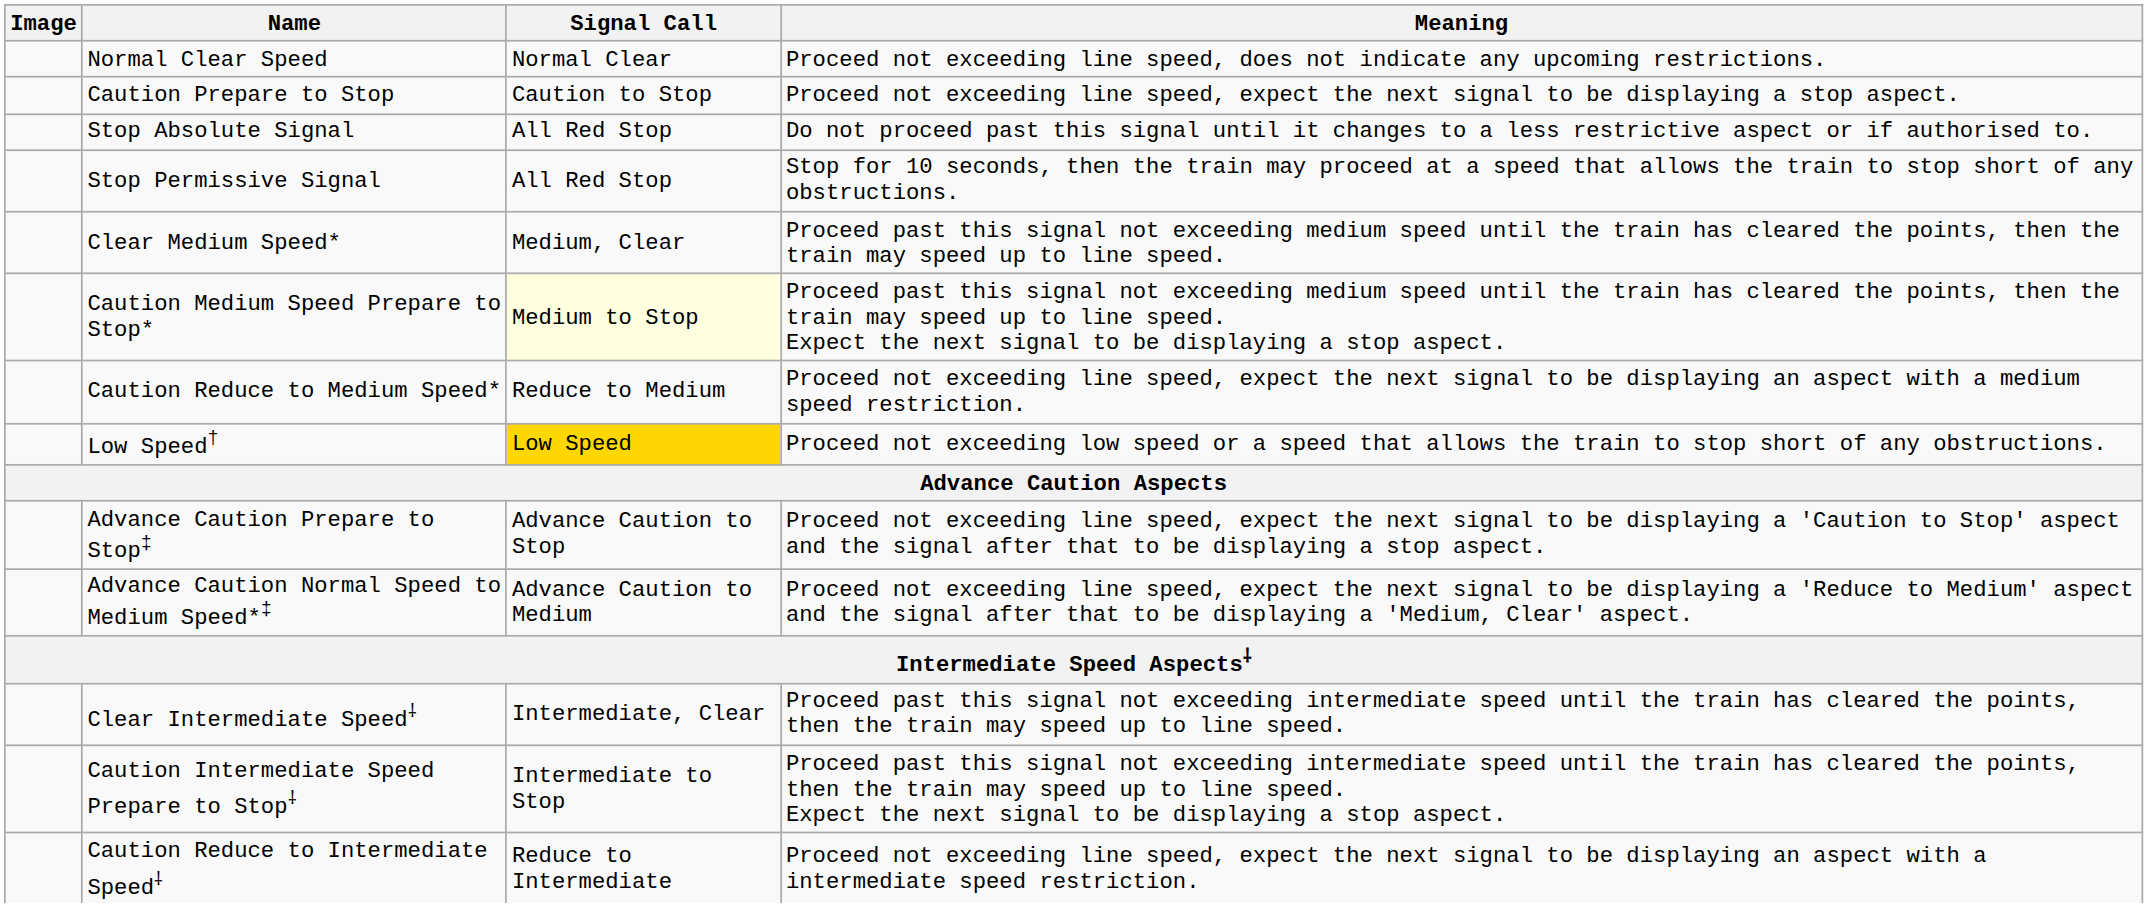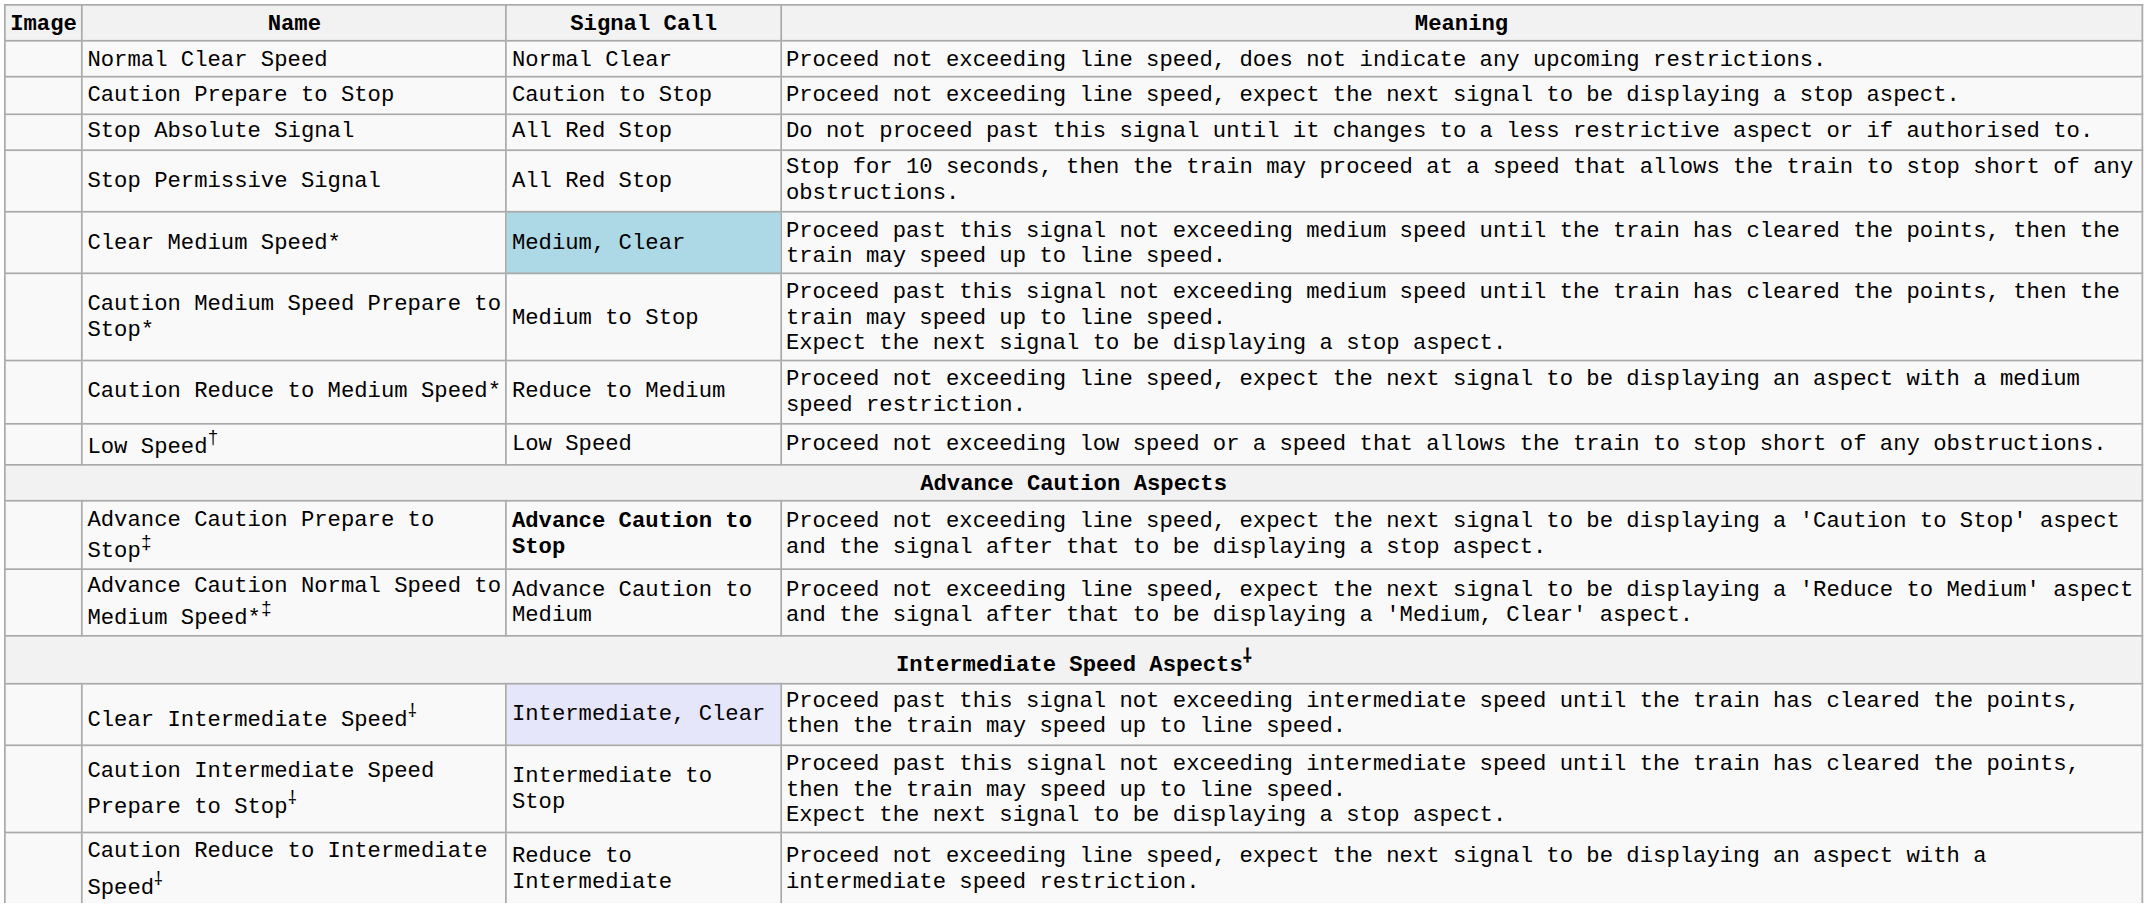 <table class="wikitable">
 <tr>
 <th>Image</th>
 <th>Name</th>
 <th>Signal Call</th>
 <th>Meaning</th>
 </tr>
 <tr>
 <td></td>
 <td>Normal Clear Speed</td>
 <td>Normal Clear</td>
 <td>Proceed not exceeding line speed, does not indicate any upcoming restrictions.</td>
 </tr>
 <tr>
 <td></td>
 <td>Caution Prepare to Stop</td>
 <td>Caution to Stop</td>
 <td>Proceed not exceeding line speed, expect the next signal to be displaying a stop aspect.</td>
 </tr>
 <tr>
 <td></td>
 <td>Stop Absolute Signal</td>
 <td>All Red Stop</td>
 <td>Do not proceed past this signal until it changes to a less restrictive aspect or if authorised to.</td>
 </tr>
 <tr>
 <td></td>
 <td>Stop Permissive Signal</td>
 <td>All Red Stop</td>
 <td>Stop for 10 seconds, then the train may proceed at a speed that allows the train to stop short of any obstructions.</td>
 </tr>
 <tr>
 <td></td>
 <td>Clear Medium Speed*</td>
-<td>Medium, Clear</td>
+<td style="background: lightblue;">Medium, Clear</td>
 <td>Proceed past this signal not exceeding medium speed until the train has cleared the points, then the train may speed up to line speed.</td>
 </tr>
 <tr>
 <td></td>
 <td>Caution Medium Speed Prepare to Stop*</td>
-<td style="background: lightyellow;">Medium to Stop</td>
+<td>Medium to Stop</td>
 <td>Proceed past this signal not exceeding medium speed until the train has cleared the points, then the train may speed up to line speed.<br>Expect the next signal to be displaying a stop aspect.</td>
 </tr>
 <tr>
 <td></td>
 <td>Caution Reduce to Medium Speed*</td>
 <td>Reduce to Medium</td>
 <td>Proceed not exceeding line speed, expect the next signal to be displaying an aspect with a medium speed restriction.</td>
 </tr>
 <tr>
 <td></td>
 <td>Low Speed<sup>†</sup></td>
-<td style="background: gold;">Low Speed</td>
+<td>Low Speed</td>
 <td>Proceed not exceeding low speed or a speed that allows the train to stop short of any obstructions.</td>
 </tr>
 <tr>
 <th colspan="4">Advance Caution Aspects</th>
 </tr>
 <tr>
 <td></td>
 <td>Advance Caution Prepare to Stop<sup>‡</sup></td>
-<td>Advance Caution to Stop</td>
+<td><strong>Advance Caution to Stop</strong></td>
 <td>Proceed not exceeding line speed, expect the next signal to be displaying a 'Caution to Stop' aspect and the signal after that to be displaying a stop aspect.</td>
 </tr>
 <tr>
 <td></td>
 <td>Advance Caution Normal Speed to Medium Speed*<sup>‡</sup></td>
 <td>Advance Caution to Medium</td>
 <td>Proceed not exceeding line speed, expect the next signal to be displaying a 'Reduce to Medium' aspect and the signal after that to be displaying a 'Medium, Clear' aspect.</td>
 </tr>
 <tr>
 <th colspan="4">Intermediate Speed Aspects<sup>⸸</sup></th>
 </tr>
 <tr>
 <td></td>
 <td>Clear Intermediate Speed<sup>⸸</sup></td>
-<td>Intermediate, Clear</td>
+<td style="background: lavender;">Intermediate, Clear</td>
 <td>Proceed past this signal not exceeding intermediate speed until the train has cleared the points, then the train may speed up to line speed.</td>
 </tr>
 <tr>
 <td></td>
 <td>Caution Intermediate Speed Prepare to Stop<sup>⸸</sup></td>
 <td>Intermediate to Stop</td>
 <td>Proceed past this signal not exceeding intermediate speed until the train has cleared the points, then the train may speed up to line speed.<br>Expect the next signal to be displaying a stop aspect.</td>
 </tr>
 <tr>
 <td></td>
 <td>Caution Reduce to Intermediate Speed<sup>⸸</sup></td>
 <td>Reduce to Intermediate</td>
 <td>Proceed not exceeding line speed, expect the next signal to be displaying an aspect with a intermediate speed restriction.</td>
 </tr>
 </table>
